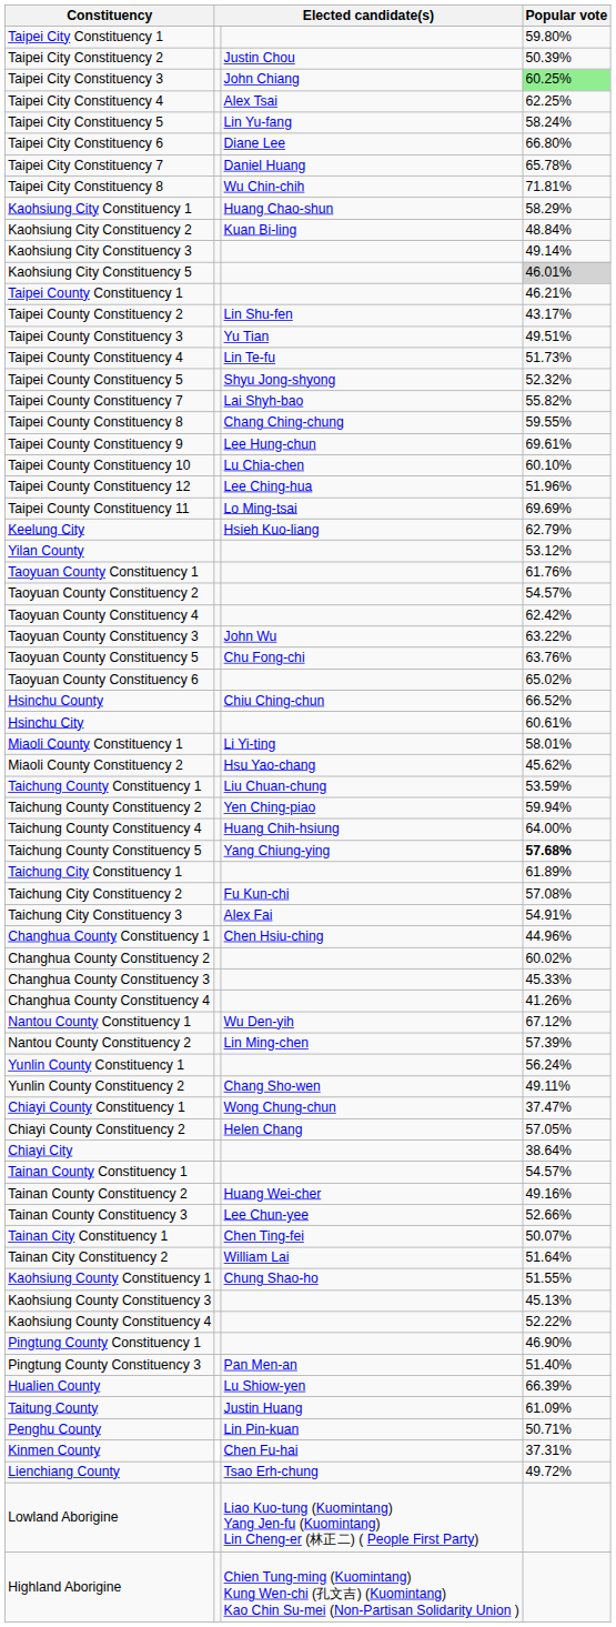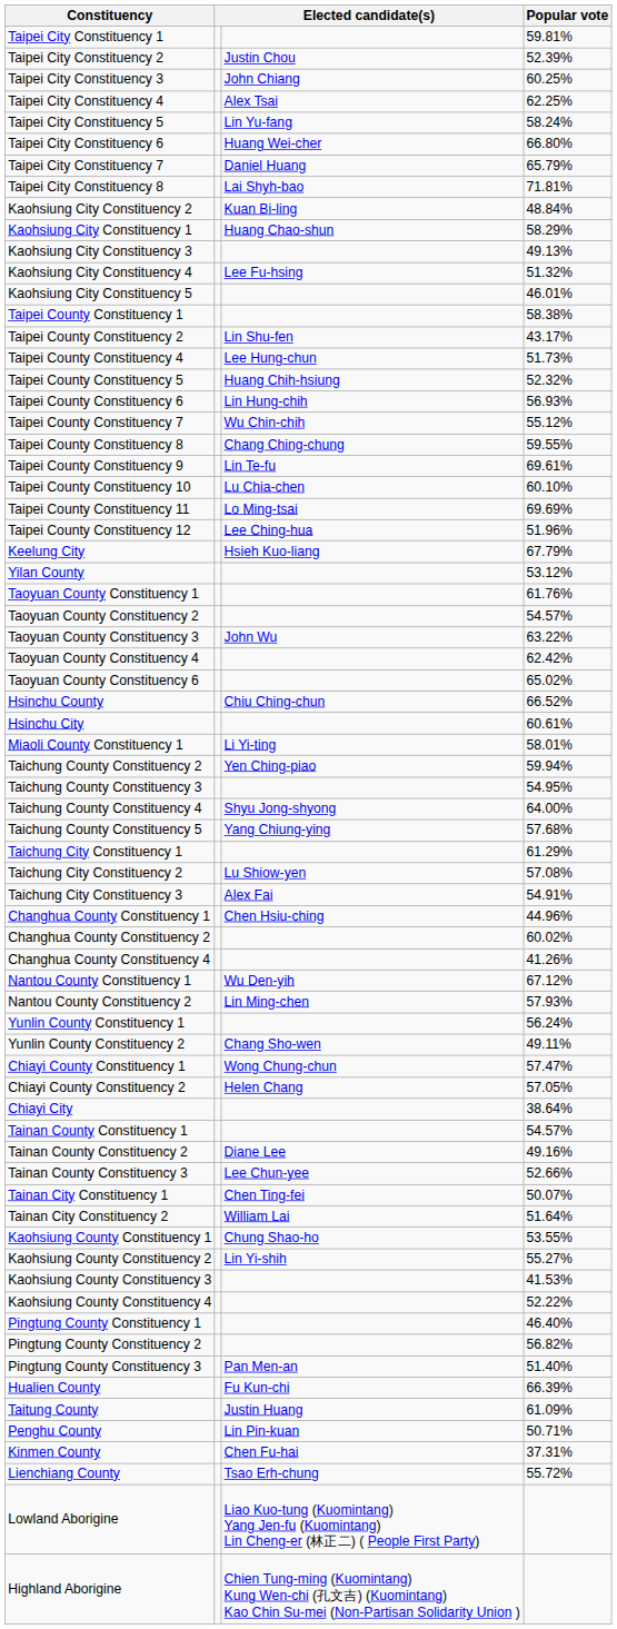 <table class="wikitable">
 <tr>
 <th align="left">Constituency</th>
 <th colspan="2">Elected candidate(s)</th>
 <th align="left">Popular vote</th>
 </tr>
 <tr>
 <td align="left"><a href='#'>Taipei City</a> Constituency 1</td>
 <td style="background:"></td>
 <td align="left"></td>
-<td align="left">59.80%</td>
+<td align="left">59.81%</td>
 </tr>
 <tr>
 <td align="left">Taipei City Constituency 2</td>
 <td style="background:"></td>
 <td align="left"><a href='#'>Justin Chou</a></td>
-<td align="left">50.39%</td>
+<td align="left">52.39%</td>
 </tr>
 <tr>
 <td align="left">Taipei City Constituency 3</td>
 <td style="background:"></td>
 <td align="left"><a href='#'>John Chiang</a></td>
-<td align="left" style="background: lightgreen;">60.25%</td>
+<td align="left">60.25%</td>
 </tr>
 <tr>
 <td align="left">Taipei City Constituency 4</td>
 <td style="background:"></td>
 <td align="left"><a href='#'>Alex Tsai</a></td>
 <td align="left">62.25%</td>
 </tr>
 <tr>
 <td align="left">Taipei City Constituency 5</td>
 <td style="background:"></td>
 <td align="left"><a href='#'>Lin Yu-fang</a></td>
 <td align="left">58.24%</td>
 </tr>
 <tr>
 <td align="left">Taipei City Constituency 6</td>
 <td style="background:"></td>
-<td align="left"><a href='#'>Diane Lee</a></td>
+<td align="left"><a href='#'>Huang Wei-cher</a></td>
 <td align="left">66.80%</td>
 </tr>
 <tr>
 <td align="left">Taipei City Constituency 7</td>
 <td style="background:"></td>
 <td align="left"><a href='#'>Daniel Huang</a> </td>
-<td align="left">65.78%</td>
+<td align="left">65.79%</td>
 </tr>
 <tr>
 <td align="left">Taipei City Constituency 8</td>
 <td style="background:"></td>
-<td align="left"><a href='#'>Wu Chin-chih</a> </td>
+<td align="left"><a href='#'>Lai Shyh-bao</a></td>
 <td align="left">71.81%</td>
+</tr>
+<tr>
+<td align="left">Kaohsiung City Constituency 2</td>
+<td style="background:"></td>
+<td align="left"><a href='#'>Kuan Bi-ling</a></td>
+<td align="left">48.84%</td>
 </tr>
 <tr>
 <td align="left"><a href='#'>Kaohsiung City</a> Constituency 1</td>
 <td style="background:"></td>
 <td align="left"><a href='#'>Huang Chao-shun</a></td>
 <td align="left">58.29%</td>
 </tr>
 <tr>
-<td align="left">Kaohsiung City Constituency 2</td>
-<td style="background:"></td>
-<td align="left"><a href='#'>Kuan Bi-ling</a></td>
-<td align="left">48.84%</td>
-</tr>
-<tr>
 <td align="left">Kaohsiung City Constituency 3</td>
 <td style="background:"></td>
 <td align="left"></td>
-<td align="left">49.14%</td>
+<td align="left">49.13%</td>
+</tr>
+<tr>
+<td align="left">Kaohsiung City Constituency 4</td>
+<td style="background:"></td>
+<td align="left"><a href='#'>Lee Fu-hsing</a></td>
+<td align="left">51.32%</td>
 </tr>
 <tr>
 <td align="left">Kaohsiung City Constituency 5</td>
 <td style="background:"></td>
 <td align="left"></td>
-<td align="left" style="background: lightgrey;">46.01%</td>
+<td align="left">46.01%</td>
 </tr>
 <tr>
 <td align="left"><a href='#'>Taipei County</a> Constituency 1</td>
 <td style="background:"></td>
 <td align="left"></td>
-<td align="left">46.21%</td>
+<td align="left">58.38%</td>
 </tr>
 <tr>
 <td align="left">Taipei County Constituency 2</td>
 <td style="background:"></td>
 <td align="left"><a href='#'>Lin Shu-fen</a></td>
 <td align="left">43.17%</td>
 </tr>
 <tr>
-<td align="left">Taipei County Constituency 3</td>
-<td style="background:"></td>
-<td align="left"><a href='#'>Yu Tian</a></td>
-<td align="left">49.51%</td>
-</tr>
-<tr>
 <td align="left">Taipei County Constituency 4</td>
 <td style="background:"></td>
-<td align="left"><a href='#'>Lin Te-fu</a></td>
+<td align="left"><a href='#'>Lee Hung-chun</a> </td>
 <td align="left">51.73%</td>
 </tr>
 <tr>
 <td align="left">Taipei County Constituency 5</td>
 <td style="background:"></td>
-<td align="left"><a href='#'>Shyu Jong-shyong</a></td>
+<td align="left"><a href='#'>Huang Chih-hsiung</a></td>
 <td align="left">52.32%</td>
+</tr>
+<tr>
+<td align="left">Taipei County Constituency 6</td>
+<td style="background:"></td>
+<td align="left"><a href='#'>Lin Hung-chih</a></td>
+<td align="left">56.93%</td>
 </tr>
 <tr>
 <td align="left">Taipei County Constituency 7</td>
 <td style="background:"></td>
-<td align="left"><a href='#'>Lai Shyh-bao</a></td>
-<td align="left">55.82%</td>
+<td align="left"><a href='#'>Wu Chin-chih</a> </td>
+<td align="left">55.12%</td>
 </tr>
 <tr>
 <td align="left">Taipei County Constituency 8</td>
 <td style="background:"></td>
 <td align="left"><a href='#'>Chang Ching-chung</a></td>
 <td align="left">59.55%</td>
 </tr>
 <tr>
 <td align="left">Taipei County Constituency 9</td>
 <td style="background:"></td>
-<td align="left"><a href='#'>Lee Hung-chun</a> </td>
+<td align="left"><a href='#'>Lin Te-fu</a></td>
 <td align="left">69.61%</td>
 </tr>
 <tr>
 <td align="left">Taipei County Constituency 10</td>
 <td style="background:"></td>
 <td align="left"><a href='#'>Lu Chia-chen</a></td>
 <td align="left">60.10%</td>
 </tr>
 <tr>
+<td align="left">Taipei County Constituency 11</td>
+<td style="background:"></td>
+<td align="left"><a href='#'>Lo Ming-tsai</a></td>
+<td align="left">69.69%</td>
+</tr>
+<tr>
 <td align="left">Taipei County Constituency 12</td>
 <td style="background:"></td>
 <td align="left"><a href='#'>Lee Ching-hua</a></td>
 <td align="left">51.96%</td>
 </tr>
 <tr>
-<td align="left">Taipei County Constituency 11</td>
-<td style="background:"></td>
-<td align="left"><a href='#'>Lo Ming-tsai</a></td>
-<td align="left">69.69%</td>
-</tr>
-<tr>
 <td align="left"><a href='#'>Keelung City</a></td>
 <td style="background:"></td>
 <td align="left"><a href='#'>Hsieh Kuo-liang</a></td>
-<td align="left">62.79%</td>
+<td align="left">67.79%</td>
 </tr>
 <tr>
 <td align="left"><a href='#'>Yilan County</a></td>
 <td style="background:"></td>
 <td align="left"></td>
 <td align="left">53.12%</td>
 </tr>
 <tr>
 <td align="left"><a href='#'>Taoyuan County</a> Constituency 1</td>
 <td style="background:"></td>
 <td align="left"></td>
 <td align="left">61.76%</td>
 </tr>
 <tr>
 <td align="left">Taoyuan County Constituency 2</td>
 <td style="background:"></td>
 <td align="left"></td>
 <td align="left">54.57%</td>
 </tr>
 <tr>
-<td align="left">Taoyuan County Constituency 4</td>
-<td style="background:"></td>
-<td align="left"></td>
-<td align="left">62.42%</td>
-</tr>
-<tr>
 <td align="left">Taoyuan County Constituency 3</td>
 <td style="background:"></td>
 <td align="left"><a href='#'>John Wu</a></td>
 <td align="left">63.22%</td>
 </tr>
 <tr>
-<td align="left">Taoyuan County Constituency 5</td>
+<td align="left">Taoyuan County Constituency 4</td>
 <td style="background:"></td>
-<td align="left"><a href='#'>Chu Fong-chi</a></td>
-<td align="left">63.76%</td>
+<td align="left"></td>
+<td align="left">62.42%</td>
 </tr>
 <tr>
 <td align="left">Taoyuan County Constituency 6</td>
 <td style="background:"></td>
 <td align="left"></td>
 <td align="left">65.02%</td>
 </tr>
 <tr>
 <td align="left"><a href='#'>Hsinchu County</a></td>
 <td style="background:"></td>
 <td align="left"><a href='#'>Chiu Ching-chun</a></td>
 <td align="left">66.52%</td>
 </tr>
 <tr>
 <td align="left"><a href='#'>Hsinchu City</a></td>
 <td style="background:"></td>
 <td align="left"></td>
 <td align="left">60.61%</td>
 </tr>
 <tr>
 <td align="left"><a href='#'>Miaoli County</a> Constituency 1</td>
 <td style="background:"></td>
 <td align="left"><a href='#'>Li Yi-ting</a></td>
 <td align="left">58.01%</td>
 </tr>
 <tr>
-<td align="left">Miaoli County Constituency 2</td>
-<td style="background:"></td>
-<td align="left"><a href='#'>Hsu Yao-chang</a></td>
-<td align="left">45.62%</td>
-</tr>
-<tr>
-<td align="left"><a href='#'>Taichung County</a> Constituency 1</td>
-<td style="background:"></td>
-<td align="left"><a href='#'>Liu Chuan-chung</a></td>
-<td align="left">53.59%</td>
-</tr>
-<tr>
 <td align="left">Taichung County Constituency 2</td>
 <td style="background:"></td>
 <td align="left"><a href='#'>Yen Ching-piao</a></td>
 <td align="left">59.94%</td>
 </tr>
 <tr>
+<td align="left">Taichung County Constituency 3</td>
+<td style="background:"></td>
+<td align="left"></td>
+<td align="left">54.95%</td>
+</tr>
+<tr>
 <td align="left">Taichung County Constituency 4</td>
 <td style="background:"></td>
-<td align="left"><a href='#'>Huang Chih-hsiung</a></td>
+<td align="left"><a href='#'>Shyu Jong-shyong</a></td>
 <td align="left">64.00%</td>
 </tr>
 <tr>
 <td align="left">Taichung County Constituency 5</td>
 <td style="background:"></td>
 <td align="left"><a href='#'>Yang Chiung-ying</a></td>
-<td align="left"><strong>57.68%</strong></td>
+<td align="left">57.68%</td>
 </tr>
 <tr>
 <td align="left"><a href='#'>Taichung City</a> Constituency 1</td>
 <td style="background:"></td>
 <td align="left"></td>
-<td align="left">61.89%</td>
+<td align="left">61.29%</td>
 </tr>
 <tr>
 <td align="left">Taichung City Constituency 2</td>
 <td style="background:"></td>
-<td align="left"><a href='#'>Fu Kun-chi</a> </td>
+<td align="left"><a href='#'>Lu Shiow-yen</a></td>
 <td align="left">57.08%</td>
 </tr>
 <tr>
 <td align="left">Taichung City Constituency 3</td>
 <td style="background:"></td>
 <td align="left"><a href='#'>Alex Fai</a></td>
 <td align="left">54.91%</td>
 </tr>
 <tr>
 <td align="left"><a href='#'>Changhua County</a> Constituency 1</td>
 <td style="background:"></td>
 <td align="left"><a href='#'>Chen Hsiu-ching</a></td>
 <td align="left">44.96%</td>
 </tr>
 <tr>
 <td align="left">Changhua County Constituency 2</td>
 <td style="background:"></td>
 <td align="left"></td>
 <td align="left">60.02%</td>
 </tr>
 <tr>
-<td align="left">Changhua County Constituency 3</td>
-<td style="background:"></td>
-<td align="left"></td>
-<td align="left">45.33%</td>
-</tr>
-<tr>
 <td align="left">Changhua County Constituency 4</td>
 <td style="background:"></td>
 <td align="left"></td>
 <td align="left">41.26%</td>
 </tr>
 <tr>
 <td align="left"><a href='#'>Nantou County</a> Constituency 1</td>
 <td style="background:"></td>
 <td align="left"><a href='#'>Wu Den-yih</a></td>
 <td align="left">67.12%</td>
 </tr>
 <tr>
 <td align="left">Nantou County Constituency 2</td>
 <td style="background:"></td>
 <td align="left"><a href='#'>Lin Ming-chen</a></td>
-<td align="left">57.39%</td>
+<td align="left">57.93%</td>
 </tr>
 <tr>
 <td align="left"><a href='#'>Yunlin County</a> Constituency 1</td>
 <td style="background:"></td>
 <td align="left"></td>
 <td align="left">56.24%</td>
 </tr>
 <tr>
 <td align="left">Yunlin County Constituency 2</td>
 <td style="background:"></td>
 <td align="left"><a href='#'>Chang Sho-wen</a></td>
 <td align="left">49.11%</td>
 </tr>
 <tr>
 <td align="left"><a href='#'>Chiayi County</a> Constituency 1</td>
 <td style="background:"></td>
 <td align="left"><a href='#'>Wong Chung-chun</a></td>
-<td align="left">37.47%</td>
+<td align="left">57.47%</td>
 </tr>
 <tr>
 <td align="left">Chiayi County Constituency 2</td>
 <td style="background:"></td>
 <td align="left"><a href='#'>Helen Chang</a></td>
 <td align="left">57.05%</td>
 </tr>
 <tr>
 <td align="left"><a href='#'>Chiayi City</a></td>
 <td style="background:"></td>
 <td align="left"></td>
 <td align="left">38.64%</td>
 </tr>
 <tr>
 <td align="left"><a href='#'>Tainan County</a> Constituency 1</td>
 <td style="background:"></td>
 <td align="left"></td>
 <td align="left">54.57%</td>
 </tr>
 <tr>
 <td align="left">Tainan County Constituency 2</td>
 <td style="background:"></td>
-<td align="left"><a href='#'>Huang Wei-cher</a></td>
+<td align="left"><a href='#'>Diane Lee</a></td>
 <td align="left">49.16%</td>
 </tr>
 <tr>
 <td align="left">Tainan County Constituency 3</td>
 <td style="background:"></td>
 <td align="left"><a href='#'>Lee Chun-yee</a></td>
 <td align="left">52.66%</td>
 </tr>
 <tr>
 <td align="left"><a href='#'>Tainan City</a> Constituency 1</td>
 <td style="background:"></td>
 <td align="left"><a href='#'>Chen Ting-fei</a></td>
 <td align="left">50.07%</td>
 </tr>
 <tr>
 <td align="left">Tainan City Constituency 2</td>
 <td style="background:"></td>
 <td align="left"><a href='#'>William Lai</a></td>
 <td align="left">51.64%</td>
 </tr>
 <tr>
 <td align="left"><a href='#'>Kaohsiung County</a> Constituency 1</td>
 <td style="background:"></td>
 <td align="left"><a href='#'>Chung Shao-ho</a> </td>
-<td align="left">51.55%</td>
+<td align="left">53.55%</td>
+</tr>
+<tr>
+<td align="left">Kaohsiung County Constituency 2</td>
+<td style="background:"></td>
+<td align="left"><a href='#'>Lin Yi-shih</a></td>
+<td align="left">55.27%</td>
 </tr>
 <tr>
 <td align="left">Kaohsiung County Constituency 3</td>
 <td style="background:"></td>
 <td align="left"></td>
-<td align="left">45.13%</td>
+<td align="left">41.53%</td>
 </tr>
 <tr>
 <td align="left">Kaohsiung County Constituency 4</td>
 <td style="background:"></td>
 <td align="left"></td>
 <td align="left">52.22%</td>
 </tr>
 <tr>
 <td align="left"><a href='#'>Pingtung County</a> Constituency 1</td>
 <td style="background:"></td>
 <td align="left"></td>
-<td align="left">46.90%</td>
+<td align="left">46.40%</td>
+</tr>
+<tr>
+<td align="left">Pingtung County Constituency 2</td>
+<td style="background:"></td>
+<td align="left"></td>
+<td align="left">56.82%</td>
 </tr>
 <tr>
 <td align="left">Pingtung County Constituency 3</td>
 <td style="background:"></td>
 <td align="left"><a href='#'>Pan Men-an</a></td>
 <td align="left">51.40%</td>
 </tr>
 <tr>
 <td align="left"><a href='#'>Hualien County</a></td>
 <td style="background:"></td>
-<td align="left"><a href='#'>Lu Shiow-yen</a></td>
+<td align="left"><a href='#'>Fu Kun-chi</a> </td>
 <td align="left">66.39%</td>
 </tr>
 <tr>
 <td align="left"><a href='#'>Taitung County</a></td>
 <td style="background:"></td>
 <td align="left"><a href='#'>Justin Huang</a></td>
 <td align="left">61.09%</td>
 </tr>
 <tr>
 <td align="left"><a href='#'>Penghu County</a></td>
 <td style="background:"></td>
 <td align="left"><a href='#'>Lin Pin-kuan</a></td>
 <td align="left">50.71%</td>
 </tr>
 <tr>
 <td align="left"><a href='#'>Kinmen County</a></td>
 <td style="background:white"></td>
 <td align="left"><a href='#'>Chen Fu-hai</a></td>
 <td align="left">37.31%</td>
 </tr>
 <tr>
 <td align="left"><a href='#'>Lienchiang County</a></td>
 <td style="background:"></td>
 <td align="left"><a href='#'>Tsao Erh-chung</a></td>
-<td align="left">49.72%</td>
+<td align="left">55.72%</td>
 </tr>
 <tr>
 <td align="left">Lowland Aborigine</td>
 <td></td>
 <td align="left"><br><a href='#'>Liao Kuo-tung</a> (<a href='#'>Kuomintang</a>)<br> <a href='#'>Yang Jen-fu</a> (<a href='#'>Kuomintang</a>)<br> <a href='#'>Lin Cheng-er</a> (林正二) ( <a href='#'>People First Party</a>)</td>
 <td></td>
 </tr>
 <tr>
 <td align="left">Highland Aborigine</td>
 <td></td>
 <td align="left"><br><a href='#'>Chien Tung-ming</a> (<a href='#'>Kuomintang</a>) <br> <a href='#'>Kung Wen-chi</a> (孔文吉) (<a href='#'>Kuomintang</a>)<br> <a href='#'>Kao Chin Su-mei</a> (<a href='#'>Non-Partisan Solidarity Union</a> )</td>
 <td></td>
 </tr>
 </table>
